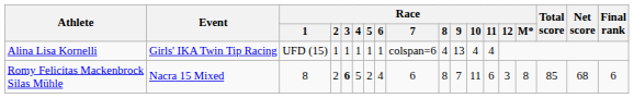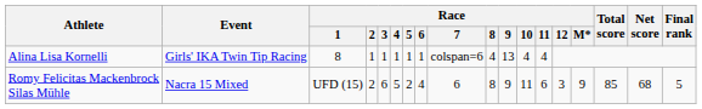 <table class="wikitable" style="font-size:90%">
 <tr>
 <th rowspan=2>Athlete</th>
 <th rowspan=2>Event</th>
 <th colspan=13>Race</th>
 <th rowspan="2">Total <br>score</th>
 <th rowspan=2>Net <br>score</th>
 <th rowspan=2>Final <br>rank</th>
 </tr>
 <tr style="font-size:95%">
 <th>1</th>
 <th>2</th>
 <th>3</th>
 <th>4</th>
 <th>5</th>
 <th>6</th>
 <th>7</th>
 <th>8</th>
 <th>9</th>
 <th>10</th>
 <th>11</th>
 <th>12</th>
 <th>M*</th>
 </tr>
 <tr align=center>
 <td align=left><a href='#'>Alina Lisa Kornelli</a></td>
 <td align=left><a href='#'>Girls' IKA Twin Tip Racing</a></td>
-<td>UFD (15)</td>
+<td>8</td>
 <td>1</td>
 <td>1</td>
 <td>1</td>
 <td>1</td>
 <td>1</td>
 <td>colspan=6 </td>
 <td>4</td>
 <td>13</td>
 <td>4</td>
 <td>4</td>
 </tr>
 <tr align=center>
 <td align=left><a href='#'>Romy Felicitas Mackenbrock</a><br><a href='#'>Silas Mühle</a></td>
 <td align=left><a href='#'>Nacra 15 Mixed</a></td>
-<td>8</td>
+<td>UFD (15)</td>
 <td>2</td>
-<td><strong>6</strong></td>
+<td>6</td>
 <td>5</td>
 <td>2</td>
 <td>4</td>
 <td>6</td>
 <td>8</td>
-<td>7</td>
+<td>9</td>
 <td>11</td>
 <td>6</td>
 <td>3</td>
-<td>8</td>
+<td>9</td>
 <td>85</td>
 <td>68</td>
-<td>6</td>
+<td>5</td>
 </tr>
 </table>
